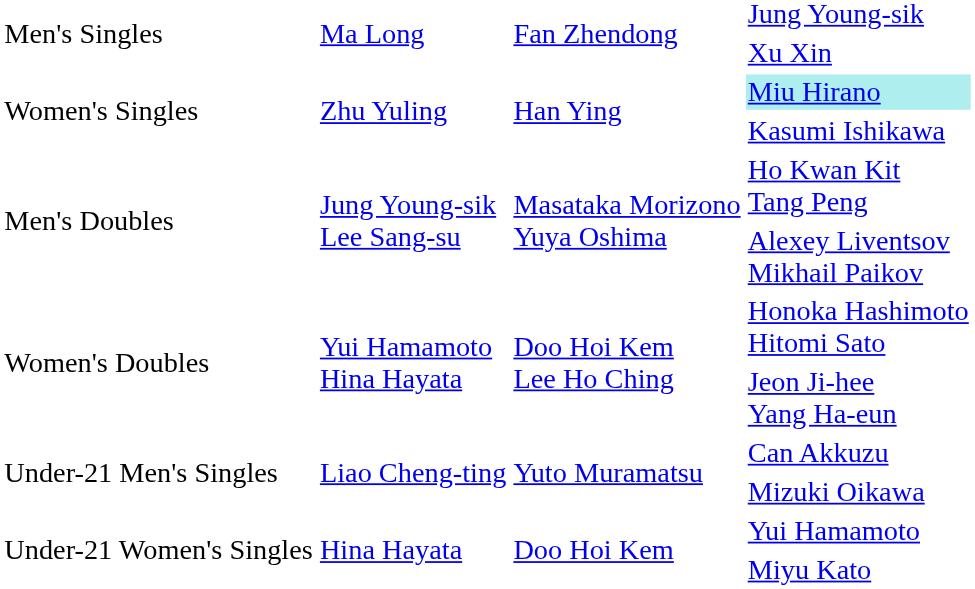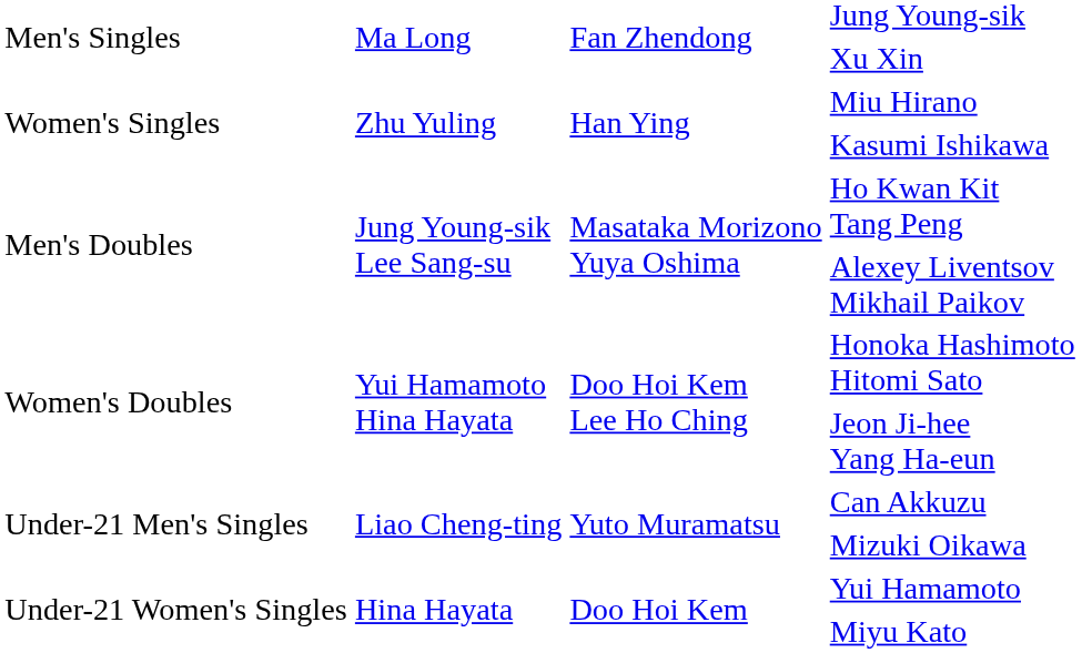 <table>
 <tr>
 <td rowspan=2>Men's Singles <br></td>
 <td rowspan=2> <a href='#'>Ma Long</a></td>
 <td rowspan=2> <a href='#'>Fan Zhendong</a></td>
 <td> <a href='#'>Jung Young-sik</a></td>
 </tr>
 <tr>
 <td> <a href='#'>Xu Xin</a></td>
 </tr>
 <tr>
 <td rowspan=2>Women's Singles <br></td>
 <td rowspan=2> <a href='#'>Zhu Yuling</a></td>
 <td rowspan=2> <a href='#'>Han Ying</a></td>
-<td style="background: paleturquoise;"> <a href='#'>Miu Hirano</a></td>
+<td> <a href='#'>Miu Hirano</a></td>
 </tr>
 <tr>
 <td> <a href='#'>Kasumi Ishikawa</a></td>
 </tr>
 <tr>
 <td rowspan=2>Men's Doubles <br></td>
 <td rowspan=2> <a href='#'>Jung Young-sik</a><br> <a href='#'>Lee Sang-su</a></td>
 <td rowspan=2> <a href='#'>Masataka Morizono</a><br> <a href='#'>Yuya Oshima</a></td>
 <td> <a href='#'>Ho Kwan Kit</a> <br> <a href='#'>Tang Peng</a></td>
 </tr>
 <tr>
 <td> <a href='#'>Alexey Liventsov</a><br> <a href='#'>Mikhail Paikov</a></td>
 </tr>
 <tr>
 <td rowspan=2>Women's Doubles <br></td>
 <td rowspan=2> <a href='#'>Yui Hamamoto</a><br> <a href='#'>Hina Hayata</a></td>
 <td rowspan=2> <a href='#'>Doo Hoi Kem</a><br> <a href='#'>Lee Ho Ching</a></td>
 <td> <a href='#'>Honoka Hashimoto</a> <br> <a href='#'>Hitomi Sato</a></td>
 </tr>
 <tr>
 <td> <a href='#'>Jeon Ji-hee</a> <br> <a href='#'>Yang Ha-eun</a></td>
 </tr>
 <tr>
 <td rowspan=2>Under-21 Men's Singles</td>
 <td rowspan=2> <a href='#'>Liao Cheng-ting</a></td>
 <td rowspan=2> <a href='#'>Yuto Muramatsu</a></td>
 <td> <a href='#'>Can Akkuzu</a></td>
 </tr>
 <tr>
 <td> <a href='#'>Mizuki Oikawa</a></td>
 </tr>
 <tr>
 <td rowspan=2>Under-21 Women's Singles</td>
 <td rowspan=2> <a href='#'>Hina Hayata</a></td>
 <td rowspan=2> <a href='#'>Doo Hoi Kem</a></td>
 <td> <a href='#'>Yui Hamamoto</a></td>
 </tr>
 <tr>
 <td> <a href='#'>Miyu Kato</a></td>
 </tr>
 </table>
